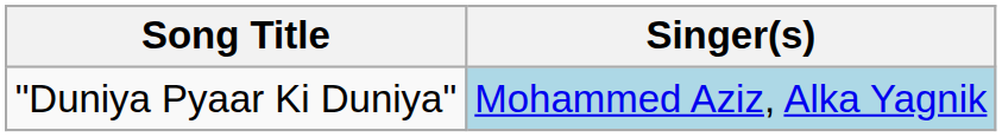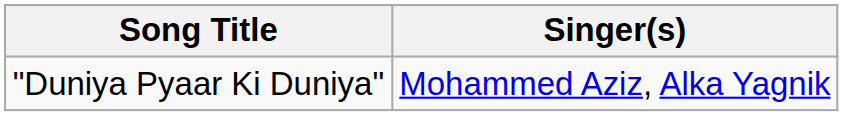 <table class="wikitable">
 <tr>
 <th>Song Title</th>
 <th>Singer(s)</th>
 </tr>
 <tr>
 <td>"Duniya Pyaar Ki Duniya"</td>
-<td style="background: lightblue;"><a href='#'>Mohammed Aziz</a>, <a href='#'>Alka Yagnik</a></td>
+<td><a href='#'>Mohammed Aziz</a>, <a href='#'>Alka Yagnik</a></td>
 </tr>
 </table>
